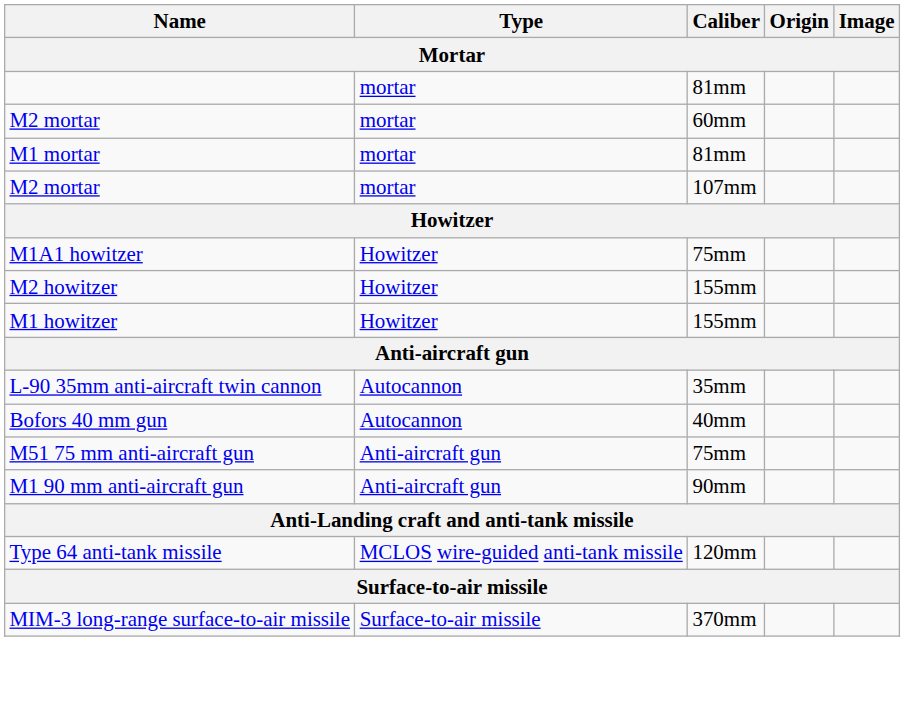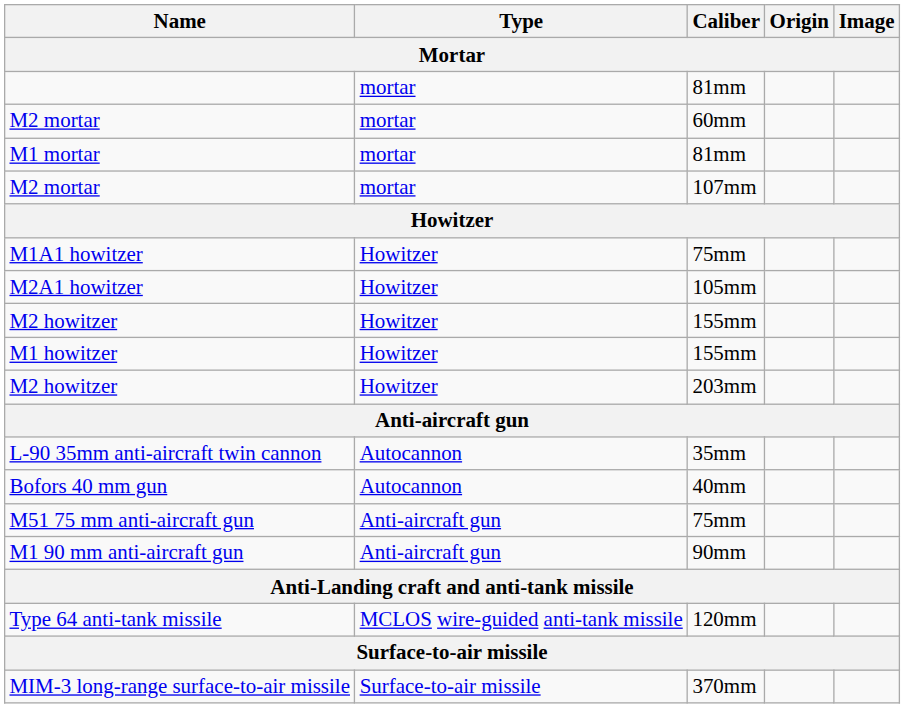 <table class="wikitable">
 <tr>
 <th>Name</th>
 <th>Type</th>
 <th>Caliber</th>
 <th>Origin</th>
 <th>Image</th>
 </tr>
 <tr>
 <th colspan="5" style="align: center;">Mortar</th>
 </tr>
 <tr>
 <td></td>
 <td><a href='#'>mortar</a></td>
 <td>81mm</td>
 <td></td>
 <td></td>
 </tr>
 <tr>
 <td><a href='#'>M2 mortar</a></td>
 <td><a href='#'>mortar</a></td>
 <td>60mm</td>
 <td></td>
 <td></td>
 </tr>
 <tr>
 <td><a href='#'>M1 mortar</a></td>
 <td><a href='#'>mortar</a></td>
 <td>81mm</td>
 <td></td>
 <td></td>
 </tr>
 <tr>
 <td><a href='#'>M2 mortar</a></td>
 <td><a href='#'>mortar</a></td>
 <td>107mm</td>
 <td></td>
 <td></td>
 </tr>
 <tr>
 <th colspan="5" style="align: center;">Howitzer</th>
 </tr>
 <tr>
 <td><a href='#'>M1A1 howitzer</a></td>
 <td><a href='#'>Howitzer</a></td>
 <td>75mm</td>
 <td></td>
 <td></td>
 </tr>
 <tr>
+<td><a href='#'>M2A1 howitzer</a></td>
+<td><a href='#'>Howitzer</a></td>
+<td>105mm</td>
+<td></td>
+<td></td>
+</tr>
+<tr>
 <td><a href='#'>M2 howitzer</a></td>
 <td><a href='#'>Howitzer</a></td>
 <td>155mm</td>
 <td></td>
 <td></td>
 </tr>
 <tr>
 <td><a href='#'>M1 howitzer</a></td>
 <td><a href='#'>Howitzer</a></td>
 <td>155mm</td>
+<td></td>
+<td></td>
+</tr>
+<tr>
+<td><a href='#'>M2 howitzer</a></td>
+<td><a href='#'>Howitzer</a></td>
+<td>203mm</td>
 <td></td>
 <td></td>
 </tr>
 <tr>
 <th colspan="5" style="align: center;">Anti-aircraft gun</th>
 </tr>
 <tr>
 <td><a href='#'>L-90 35mm anti-aircraft twin cannon</a></td>
 <td><a href='#'>Autocannon</a></td>
 <td>35mm</td>
 <td></td>
 <td></td>
 </tr>
 <tr>
 <td><a href='#'>Bofors 40 mm gun</a></td>
 <td><a href='#'>Autocannon</a></td>
 <td>40mm</td>
 <td></td>
 <td></td>
 </tr>
 <tr>
 <td><a href='#'>M51 75 mm anti-aircraft gun</a></td>
 <td><a href='#'>Anti-aircraft gun</a></td>
 <td>75mm</td>
 <td></td>
 <td></td>
 </tr>
 <tr>
 <td><a href='#'>M1 90 mm anti-aircraft gun</a></td>
 <td><a href='#'>Anti-aircraft gun</a></td>
 <td>90mm</td>
 <td></td>
 <td></td>
 </tr>
 <tr>
 <th colspan="5" style="align: center;">Anti-Landing craft and anti-tank missile</th>
 </tr>
 <tr>
 <td><a href='#'>Type 64 anti-tank missile</a></td>
 <td><a href='#'>MCLOS</a> <a href='#'>wire-guided</a> <a href='#'>anti-tank missile</a></td>
 <td>120mm</td>
 <td></td>
 <td></td>
 </tr>
 <tr>
 <th colspan="5" style="align: center;">Surface-to-air missile</th>
 </tr>
 <tr>
 <td><a href='#'>MIM-3 long-range surface-to-air missile</a></td>
 <td><a href='#'>Surface-to-air missile</a></td>
 <td>370mm</td>
 <td></td>
 <td></td>
 </tr>
 </table>
